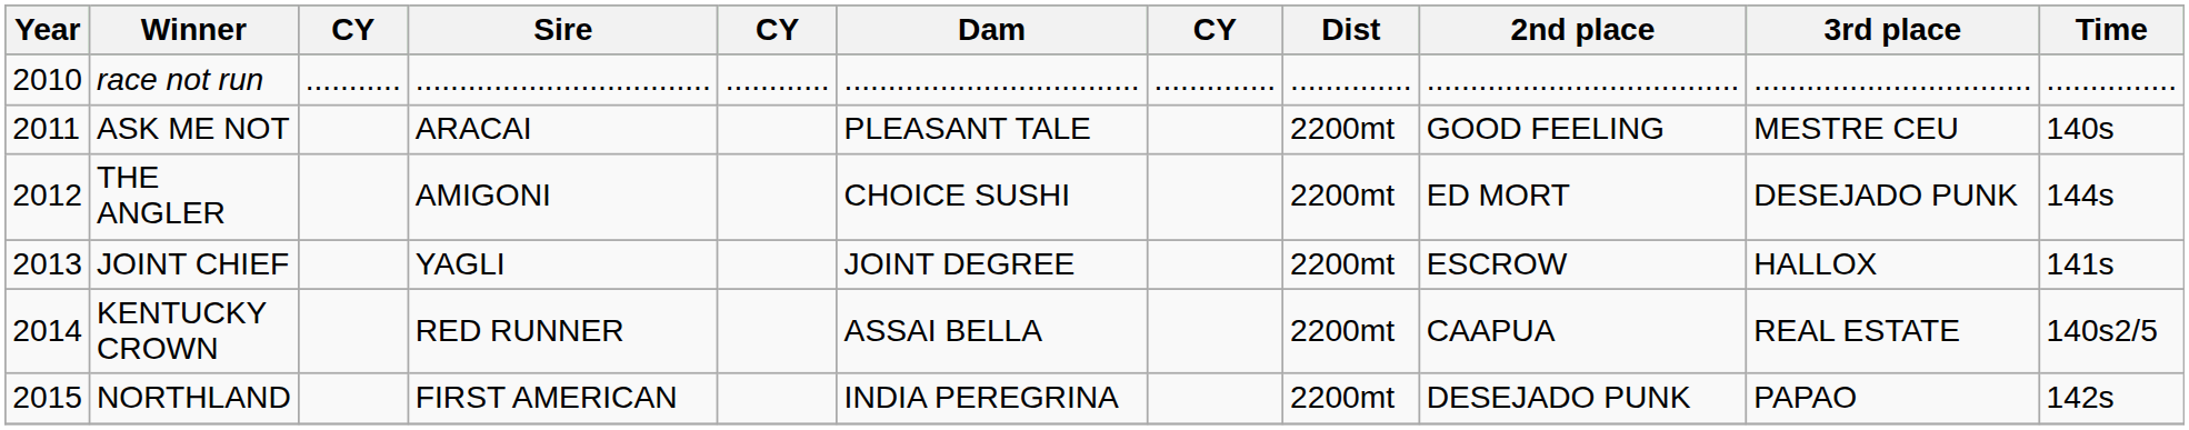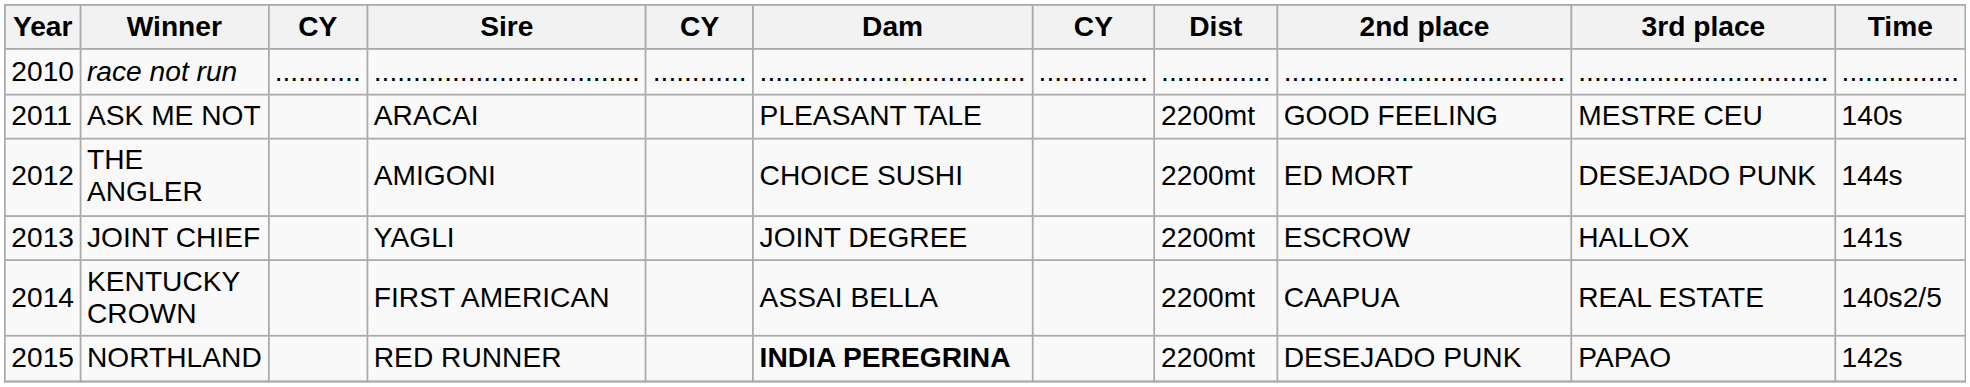 <table class = "sortable wikitable" style=>
 <tr style="background:#7d7; text-align:center;">
 <th>Year</th>
 <th>Winner</th>
 <th>CY</th>
 <th>Sire</th>
 <th>CY</th>
 <th>Dam</th>
 <th>CY</th>
 <th style="white-space:nowrap">Dist</th>
 <th>2nd place</th>
 <th>3rd place</th>
 <th>Time</th>
 </tr>
 <tr>
 <td>2010</td>
 <td><em>race not run</em></td>
 <td>...........</td>
 <td>..................................</td>
 <td>............</td>
 <td>..................................</td>
 <td>..............</td>
 <td>..............</td>
 <td>....................................</td>
 <td>................................</td>
 <td>...............</td>
 </tr>
 <tr>
 <td>2011</td>
 <td>ASK ME NOT</td>
 <td></td>
 <td>ARACAI</td>
 <td></td>
 <td>PLEASANT TALE</td>
 <td></td>
 <td>2200mt</td>
 <td>GOOD FEELING</td>
 <td>MESTRE CEU</td>
 <td>140s</td>
 </tr>
 <tr>
 <td>2012</td>
 <td>THE ANGLER</td>
 <td></td>
 <td>AMIGONI</td>
 <td></td>
 <td>CHOICE SUSHI</td>
 <td></td>
 <td>2200mt</td>
 <td>ED MORT</td>
 <td>DESEJADO PUNK</td>
 <td>144s</td>
 </tr>
 <tr>
 <td>2013</td>
 <td>JOINT CHIEF</td>
 <td></td>
 <td>YAGLI</td>
 <td></td>
 <td>JOINT DEGREE</td>
 <td></td>
 <td>2200mt</td>
 <td>ESCROW</td>
 <td>HALLOX</td>
 <td>141s</td>
 </tr>
 <tr>
 <td>2014</td>
 <td>KENTUCKY CROWN</td>
 <td></td>
-<td>RED RUNNER</td>
+<td>FIRST AMERICAN</td>
 <td></td>
 <td>ASSAI BELLA</td>
 <td></td>
 <td>2200mt</td>
 <td>CAAPUA</td>
 <td>REAL ESTATE</td>
 <td>140s2/5</td>
 </tr>
 <tr>
 <td>2015</td>
 <td>NORTHLAND</td>
 <td></td>
-<td>FIRST AMERICAN</td>
+<td>RED RUNNER</td>
 <td></td>
-<td>INDIA PEREGRINA</td>
+<td><strong>INDIA PEREGRINA</strong></td>
 <td></td>
 <td>2200mt</td>
 <td>DESEJADO PUNK</td>
 <td>PAPAO</td>
 <td>142s</td>
 </tr>
 <tr>
 </tr>
 </table>
